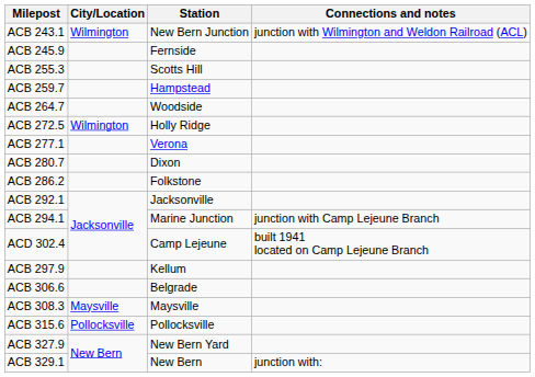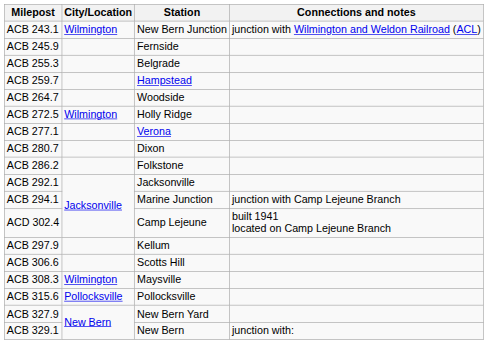 <table class="wikitable">
 <tr>
 <th>Milepost</th>
 <th>City/Location</th>
 <th>Station</th>
 <th>Connections and notes</th>
 </tr>
 <tr>
 <td>ACB 243.1</td>
 <td><a href='#'>Wilmington</a></td>
 <td>New Bern Junction</td>
 <td>junction with <a href='#'>Wilmington and Weldon Railroad</a> (<a href='#'>ACL</a>)</td>
 </tr>
 <tr>
 <td>ACB 245.9</td>
 <td></td>
 <td>Fernside</td>
 <td></td>
 </tr>
 <tr>
 <td>ACB 255.3</td>
 <td></td>
-<td>Scotts Hill</td>
+<td>Belgrade</td>
 <td></td>
 </tr>
 <tr>
 <td>ACB 259.7</td>
 <td></td>
 <td><a href='#'>Hampstead</a></td>
 <td></td>
 </tr>
 <tr>
 <td>ACB 264.7</td>
 <td></td>
 <td>Woodside</td>
 <td></td>
 </tr>
 <tr>
 <td>ACB 272.5</td>
 <td><a href='#'>Wilmington</a></td>
 <td>Holly Ridge</td>
 <td></td>
 </tr>
 <tr>
 <td>ACB 277.1</td>
 <td></td>
 <td><a href='#'>Verona</a></td>
 <td></td>
 </tr>
 <tr>
 <td>ACB 280.7</td>
 <td></td>
 <td>Dixon</td>
 <td></td>
 </tr>
 <tr>
 <td>ACB 286.2</td>
 <td></td>
 <td>Folkstone</td>
 <td></td>
 </tr>
 <tr>
 <td>ACB 292.1</td>
 <td ! rowspan="3"><a href='#'>Jacksonville</a></td>
 <td>Jacksonville</td>
 <td></td>
 </tr>
 <tr>
 <td>ACB 294.1</td>
 <td>Marine Junction</td>
 <td>junction with Camp Lejeune Branch</td>
 </tr>
 <tr>
 <td>ACD 302.4</td>
 <td>Camp Lejeune</td>
 <td>built 1941<br>located on Camp Lejeune Branch</td>
 </tr>
 <tr>
 <td>ACB 297.9</td>
 <td></td>
 <td>Kellum</td>
 <td></td>
 </tr>
 <tr>
 <td>ACB 306.6</td>
 <td></td>
-<td>Belgrade</td>
+<td>Scotts Hill</td>
 <td></td>
 </tr>
 <tr>
 <td>ACB 308.3</td>
-<td><a href='#'>Maysville</a></td>
+<td><a href='#'>Wilmington</a></td>
 <td>Maysville</td>
 <td></td>
 </tr>
 <tr>
 <td>ACB 315.6</td>
 <td><a href='#'>Pollocksville</a></td>
 <td>Pollocksville</td>
 <td></td>
 </tr>
 <tr>
 <td>ACB 327.9</td>
 <td ! rowspan="2"><a href='#'>New Bern</a></td>
 <td>New Bern Yard</td>
 <td></td>
 </tr>
 <tr>
 <td>ACB 329.1</td>
 <td>New Bern</td>
 <td>junction with:<br></td>
 </tr>
 </table>
